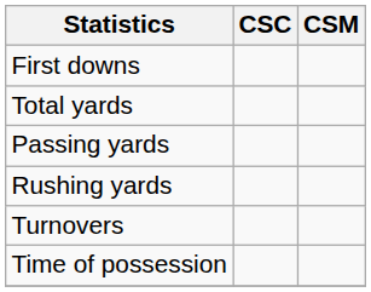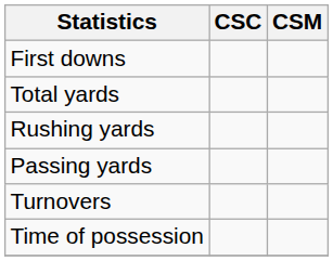 <table class="wikitable">
 <tr>
 <th>Statistics</th>
 <th>CSC</th>
 <th>CSM</th>
 </tr>
 <tr>
 <td>First downs</td>
 <td></td>
 <td></td>
 </tr>
 <tr>
 <td>Total yards</td>
 <td></td>
 <td></td>
 </tr>
 <tr>
-<td>Passing yards</td>
+<td>Rushing yards</td>
 <td></td>
 <td></td>
 </tr>
 <tr>
-<td>Rushing yards</td>
+<td>Passing yards</td>
 <td></td>
 <td></td>
 </tr>
 <tr>
 <td>Turnovers</td>
 <td></td>
 <td></td>
 </tr>
 <tr>
 <td>Time of possession</td>
 <td></td>
 <td></td>
 </tr>
 <tr>
 </tr>
 </table>
